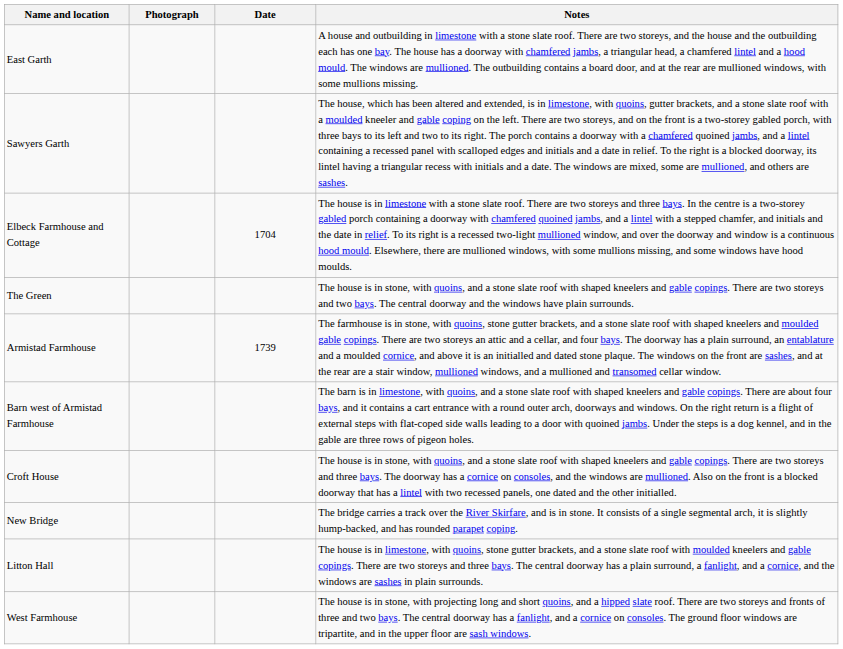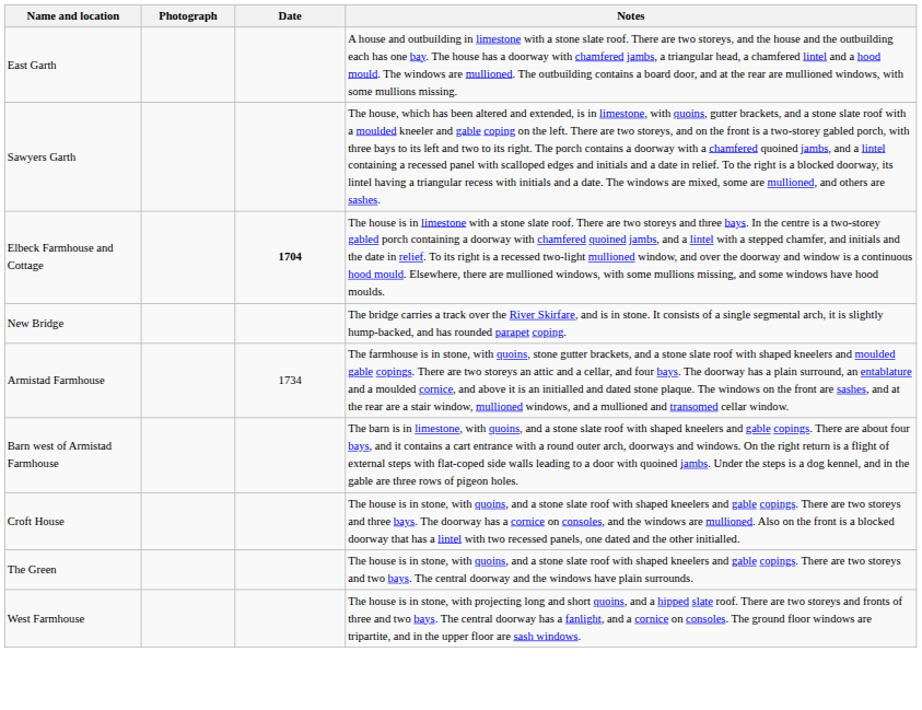 <table class="wikitable sortable plainrowheaders" style="width:100%;border:0px;text-align:left;line-height:150%;">
 <tr>
 <th scope="col"  style="width:150px">Name and location</th>
 <th scope="col"  style="width:100px" class="unsortable">Photograph</th>
 <th scope="col"  style="width:120px">Date</th>
 <th scope="col"  style="width:650px" class="unsortable">Notes</th>
 </tr>
 <tr>
 <td>East Garth<br><small></small></td>
 <td></td>
 <td align="center"></td>
 <td>A house and outbuilding in <a href='#'>limestone</a> with a stone slate roof. There are two storeys, and the house and the outbuilding each has one <a href='#'>bay</a>. The house has a doorway with <a href='#'>chamfered</a> <a href='#'>jambs</a>, a triangular head, a chamfered <a href='#'>lintel</a> and a <a href='#'>hood mould</a>. The windows are <a href='#'>mullioned</a>. The outbuilding contains a board door, and at the rear are mullioned windows, with some mullions missing.</td>
 </tr>
 <tr>
 <td>Sawyers Garth<br><small></small></td>
 <td></td>
 <td align="center"></td>
 <td>The house, which has been altered and extended, is in <a href='#'>limestone</a>, with <a href='#'>quoins</a>, gutter brackets, and a stone slate roof with a <a href='#'>moulded</a> kneeler and <a href='#'>gable</a> <a href='#'>coping</a> on the left. There are two storeys, and on the front is a two-storey gabled porch, with three bays to its left and two to its right. The porch contains a doorway with a <a href='#'>chamfered</a> quoined <a href='#'>jambs</a>, and a <a href='#'>lintel</a> containing a recessed panel with scalloped edges and initials and a date in relief. To the right is a blocked doorway, its lintel having a triangular recess with initials and a date. The windows are mixed, some are <a href='#'>mullioned</a>, and others are <a href='#'>sashes</a>.</td>
 </tr>
 <tr>
 <td>Elbeck Farmhouse and Cottage<br><small></small></td>
 <td></td>
-<td align="center">1704</td>
+<td align="center"><strong>1704</strong></td>
 <td>The house is in <a href='#'>limestone</a> with a stone slate roof. There are two storeys and three <a href='#'>bays</a>. In the centre is a two-storey <a href='#'>gabled</a> porch containing a doorway with <a href='#'>chamfered</a> <a href='#'>quoined</a> <a href='#'>jambs</a>, and a <a href='#'>lintel</a> with a stepped chamfer, and initials and the date in <a href='#'>relief</a>. To its right is a recessed two-light <a href='#'>mullioned</a> window, and over the doorway and window is a continuous <a href='#'>hood mould</a>. Elsewhere, there are mullioned windows, with some mullions missing, and some windows have hood moulds.</td>
 </tr>
 <tr>
-<td>The Green<br><small></small></td>
+<td>New Bridge<br><small></small></td>
 <td></td>
 <td align="center"></td>
-<td>The house is in stone, with <a href='#'>quoins</a>, and a stone slate roof with shaped kneelers and <a href='#'>gable</a> <a href='#'>copings</a>. There are two storeys and two <a href='#'>bays</a>. The central doorway and the windows have plain surrounds.</td>
+<td>The bridge carries a track over the <a href='#'>River Skirfare</a>, and is in stone. It consists of a single segmental arch, it is slightly hump-backed, and has rounded <a href='#'>parapet</a> <a href='#'>coping</a>.</td>
 </tr>
 <tr>
 <td>Armistad Farmhouse<br><small></small></td>
 <td></td>
-<td align="center">1739</td>
+<td align="center">1734</td>
 <td>The farmhouse is in stone, with <a href='#'>quoins</a>, stone gutter brackets, and a stone slate roof with shaped kneelers and <a href='#'>moulded</a> <a href='#'>gable</a> <a href='#'>copings</a>. There are two storeys an attic and a cellar, and four <a href='#'>bays</a>. The doorway has a plain surround, an <a href='#'>entablature</a> and a moulded <a href='#'>cornice</a>, and above it is an initialled and dated stone plaque. The windows on the front are <a href='#'>sashes</a>, and at the rear are a stair window, <a href='#'>mullioned</a> windows, and a mullioned and <a href='#'>transomed</a> cellar window.</td>
 </tr>
 <tr>
 <td>Barn west of Armistad Farmhouse<br><small></small></td>
 <td></td>
 <td align="center"></td>
 <td>The barn is in <a href='#'>limestone</a>, with <a href='#'>quoins</a>, and a stone slate roof with shaped kneelers and <a href='#'>gable</a> <a href='#'>copings</a>. There are about four <a href='#'>bays</a>, and it contains a cart entrance with a round outer arch, doorways and windows. On the right return is a flight of external steps with flat-coped side walls leading to a door with quoined <a href='#'>jambs</a>. Under the steps is a dog kennel, and in the gable are three rows of pigeon holes.</td>
 </tr>
 <tr>
 <td>Croft House<br><small></small></td>
 <td></td>
 <td align="center"></td>
 <td>The house is in stone, with <a href='#'>quoins</a>, and a stone slate roof with shaped kneelers and <a href='#'>gable</a> <a href='#'>copings</a>. There are two storeys and three <a href='#'>bays</a>. The doorway has a <a href='#'>cornice</a> on <a href='#'>consoles</a>, and the windows are <a href='#'>mullioned</a>. Also on the front is a blocked doorway that has a <a href='#'>lintel</a> with two recessed panels, one dated and the other initialled.</td>
 </tr>
 <tr>
-<td>New Bridge<br><small></small></td>
+<td>The Green<br><small></small></td>
 <td></td>
 <td align="center"></td>
-<td>The bridge carries a track over the <a href='#'>River Skirfare</a>, and is in stone. It consists of a single segmental arch, it is slightly hump-backed, and has rounded <a href='#'>parapet</a> <a href='#'>coping</a>.</td>
-</tr>
-<tr>
-<td>Litton Hall<br><small></small></td>
-<td></td>
-<td align="center"></td>
-<td>The house is in <a href='#'>limestone</a>, with <a href='#'>quoins</a>, stone gutter brackets, and a stone slate roof with <a href='#'>moulded</a> kneelers and <a href='#'>gable</a> <a href='#'>copings</a>. There are two storeys and three <a href='#'>bays</a>. The central doorway has a plain surround, a <a href='#'>fanlight</a>, and a <a href='#'>cornice</a>, and the windows are <a href='#'>sashes</a> in plain surrounds.</td>
+<td>The house is in stone, with <a href='#'>quoins</a>, and a stone slate roof with shaped kneelers and <a href='#'>gable</a> <a href='#'>copings</a>. There are two storeys and two <a href='#'>bays</a>. The central doorway and the windows have plain surrounds.</td>
 </tr>
 <tr>
 <td>West Farmhouse<br><small></small></td>
 <td></td>
 <td align="center"></td>
 <td>The house is in stone, with projecting long and short <a href='#'>quoins</a>, and a <a href='#'>hipped</a> <a href='#'>slate</a> roof. There are two storeys and fronts of three and two <a href='#'>bays</a>. The central doorway has a <a href='#'>fanlight</a>, and a <a href='#'>cornice</a> on <a href='#'>consoles</a>. The ground floor windows are tripartite, and in the upper floor are <a href='#'>sash windows</a>.</td>
 </tr>
 <tr>
 </tr>
 </table>
